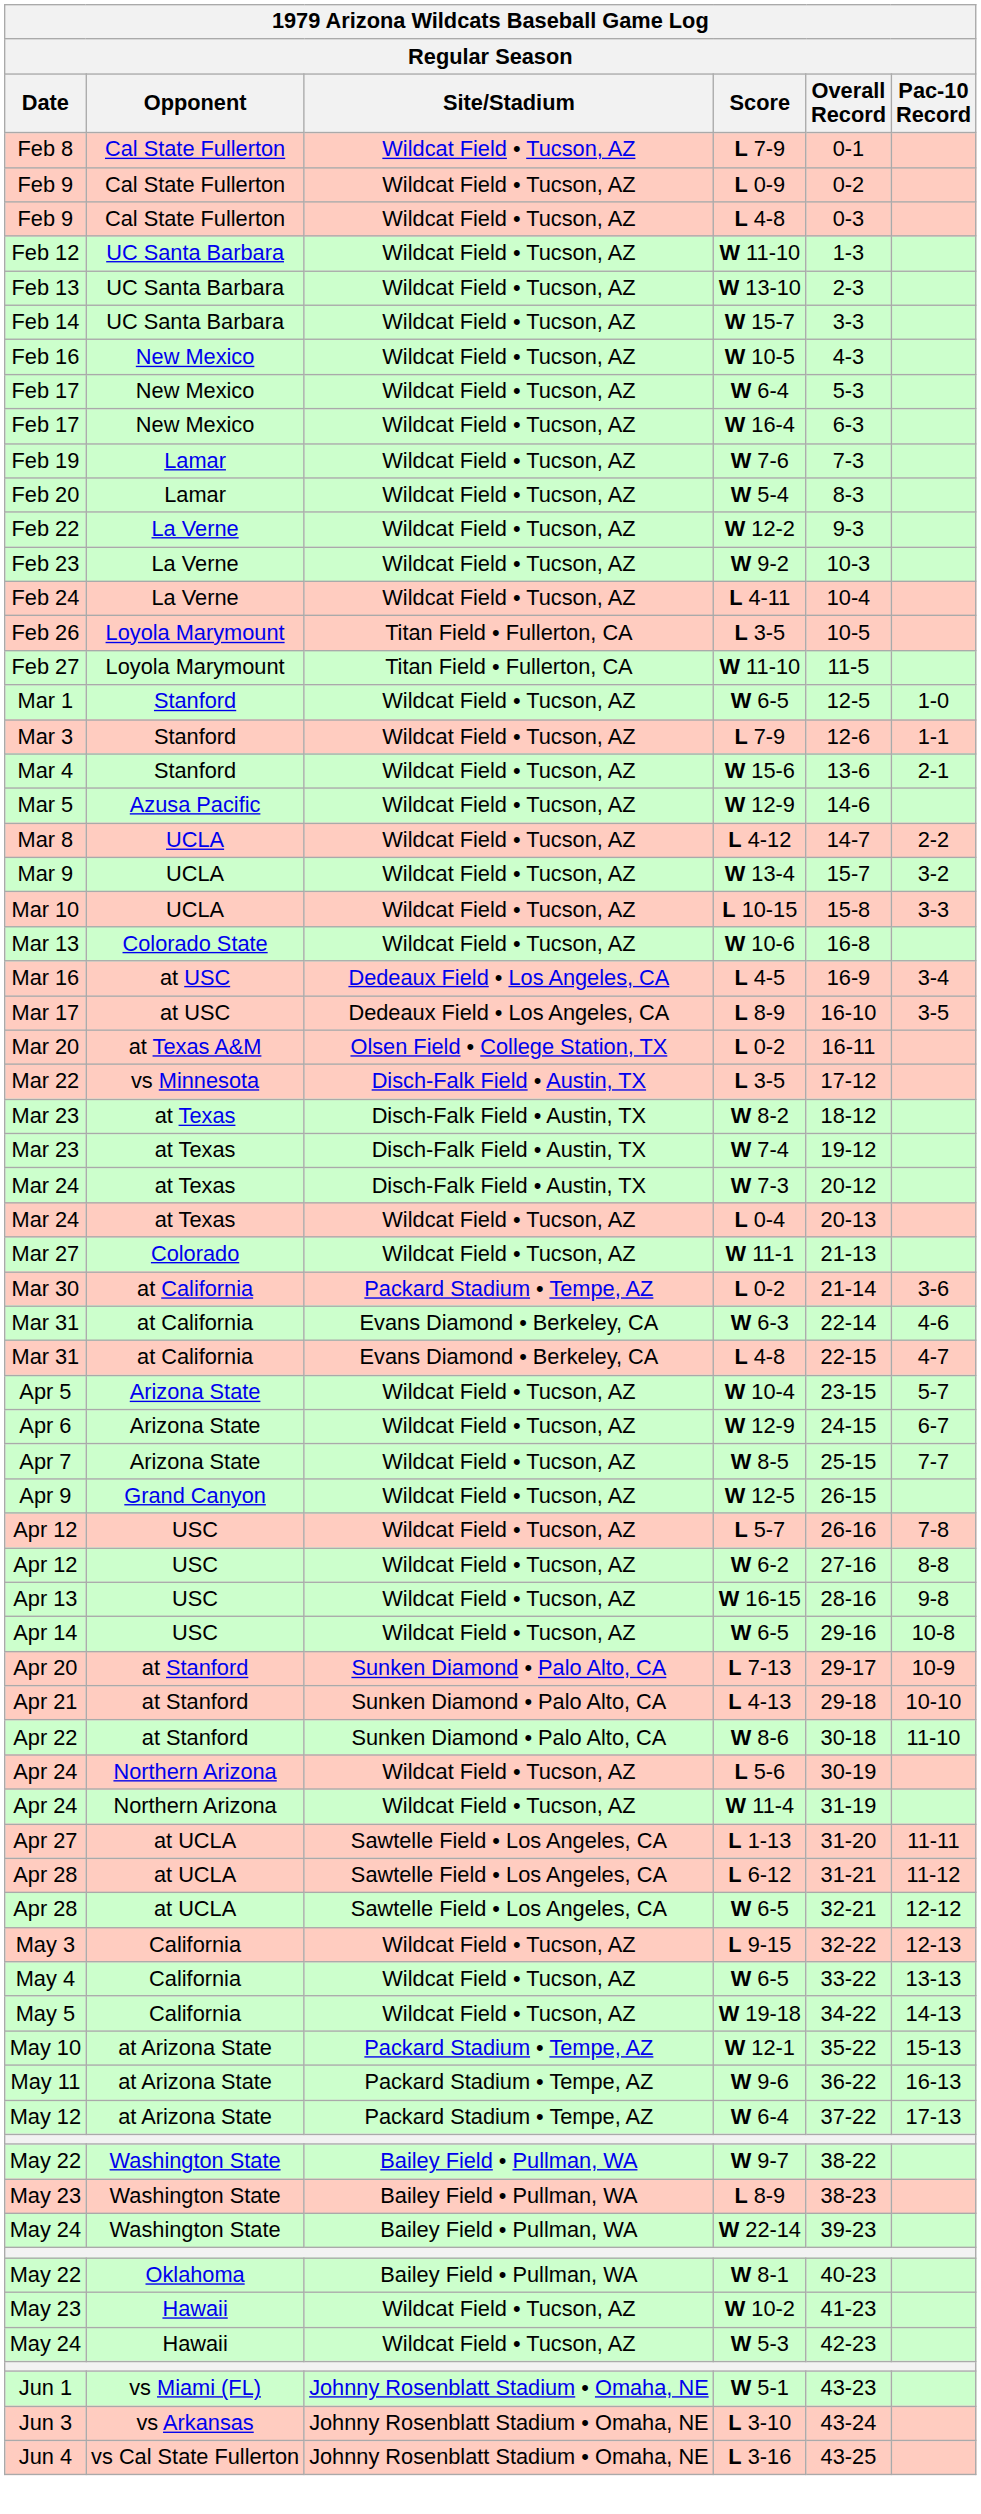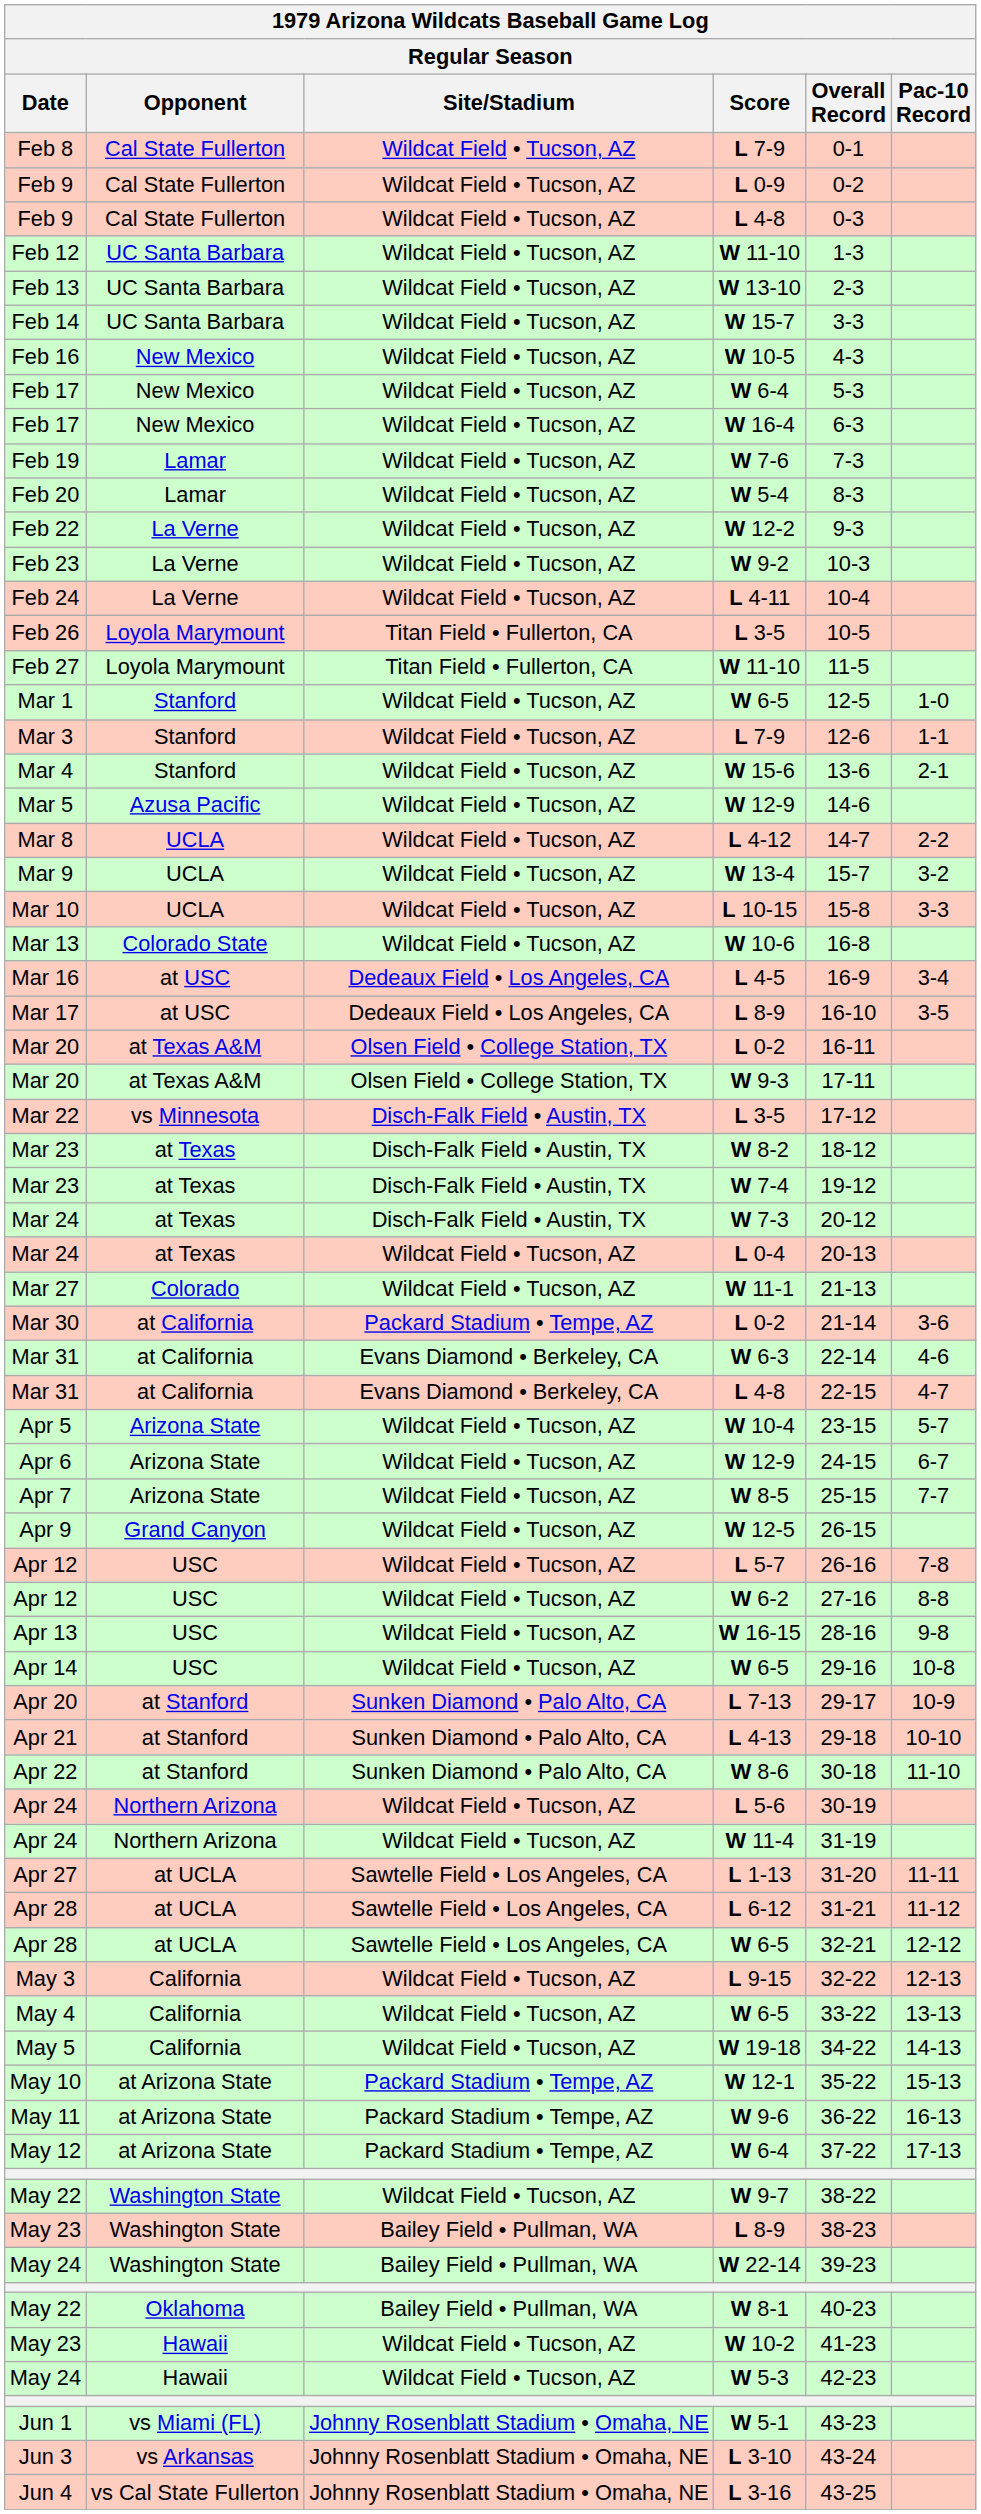 <table class="wikitable">
 <tr>
 <th colspan="6">1979 Arizona Wildcats Baseball Game Log</th>
 </tr>
 <tr>
 <th colspan="6">Regular Season</th>
 </tr>
 <tr>
 <th>Date</th>
 <th>Opponent</th>
 <th>Site/Stadium</th>
 <th>Score</th>
 <th>Overall<br>Record</th>
 <th>Pac-10<br>Record</th>
 </tr>
 <tr bgcolor="ffccc" align="center">
 <td>Feb 8</td>
 <td><a href='#'>Cal State Fullerton</a></td>
 <td><a href='#'>Wildcat Field</a> • <a href='#'>Tucson, AZ</a></td>
 <td><strong>L</strong> 7-9</td>
 <td>0-1</td>
 <td></td>
 </tr>
 <tr bgcolor="ffccc" align="center">
 <td>Feb 9</td>
 <td>Cal State Fullerton</td>
 <td>Wildcat Field • Tucson, AZ</td>
 <td><strong>L</strong> 0-9</td>
 <td>0-2</td>
 <td></td>
 </tr>
 <tr bgcolor="ffccc" align="center">
 <td>Feb 9</td>
 <td>Cal State Fullerton</td>
 <td>Wildcat Field • Tucson, AZ</td>
 <td><strong>L</strong> 4-8</td>
 <td>0-3</td>
 <td></td>
 </tr>
 <tr bgcolor="ccffcc" align="center">
 <td>Feb 12</td>
 <td><a href='#'>UC Santa Barbara</a></td>
 <td>Wildcat Field • Tucson, AZ</td>
 <td><strong>W</strong> 11-10</td>
 <td>1-3</td>
 <td></td>
 </tr>
 <tr bgcolor="ccffcc" align="center">
 <td>Feb 13</td>
 <td>UC Santa Barbara</td>
 <td>Wildcat Field • Tucson, AZ</td>
 <td><strong>W</strong> 13-10</td>
 <td>2-3</td>
 <td></td>
 </tr>
 <tr bgcolor="ccffcc" align="center">
 <td>Feb 14</td>
 <td>UC Santa Barbara</td>
 <td>Wildcat Field • Tucson, AZ</td>
 <td><strong>W</strong> 15-7</td>
 <td>3-3</td>
 <td></td>
 </tr>
 <tr bgcolor="ccffcc" align="center">
 <td>Feb 16</td>
 <td><a href='#'>New Mexico</a></td>
 <td>Wildcat Field • Tucson, AZ</td>
 <td><strong>W</strong> 10-5</td>
 <td>4-3</td>
 <td></td>
 </tr>
 <tr bgcolor="ccffcc" align="center">
 <td>Feb 17</td>
 <td>New Mexico</td>
 <td>Wildcat Field • Tucson, AZ</td>
 <td><strong>W</strong> 6-4</td>
 <td>5-3</td>
 <td></td>
 </tr>
 <tr bgcolor="ccffcc" align="center">
 <td>Feb 17</td>
 <td>New Mexico</td>
 <td>Wildcat Field • Tucson, AZ</td>
 <td><strong>W</strong> 16-4</td>
 <td>6-3</td>
 <td></td>
 </tr>
 <tr bgcolor="ccffcc" align="center">
 <td>Feb 19</td>
 <td><a href='#'>Lamar</a></td>
 <td>Wildcat Field • Tucson, AZ</td>
 <td><strong>W</strong> 7-6</td>
 <td>7-3</td>
 <td></td>
 </tr>
 <tr bgcolor="ccffcc" align="center">
 <td>Feb 20</td>
 <td>Lamar</td>
 <td>Wildcat Field • Tucson, AZ</td>
 <td><strong>W</strong> 5-4</td>
 <td>8-3</td>
 <td></td>
 </tr>
 <tr bgcolor="ccffcc" align="center">
 <td>Feb 22</td>
 <td><a href='#'>La Verne</a></td>
 <td>Wildcat Field • Tucson, AZ</td>
 <td><strong>W</strong> 12-2</td>
 <td>9-3</td>
 <td></td>
 </tr>
 <tr bgcolor="ccffcc" align="center">
 <td>Feb 23</td>
 <td>La Verne</td>
 <td>Wildcat Field • Tucson, AZ</td>
 <td><strong>W</strong> 9-2</td>
 <td>10-3</td>
 <td></td>
 </tr>
 <tr bgcolor="ffccc" align="center">
 <td>Feb 24</td>
 <td>La Verne</td>
 <td>Wildcat Field • Tucson, AZ</td>
 <td><strong>L</strong> 4-11</td>
 <td>10-4</td>
 <td></td>
 </tr>
 <tr bgcolor="ffccc" align="center">
 <td>Feb 26</td>
 <td><a href='#'>Loyola Marymount</a></td>
 <td>Titan Field • Fullerton, CA</td>
 <td><strong>L</strong> 3-5</td>
 <td>10-5</td>
 <td></td>
 </tr>
 <tr bgcolor="ccffcc" align="center">
 <td>Feb 27</td>
 <td>Loyola Marymount</td>
 <td>Titan Field • Fullerton, CA</td>
 <td><strong>W</strong> 11-10</td>
 <td>11-5</td>
 <td></td>
 </tr>
 <tr bgcolor="ccffcc" align="center">
 <td>Mar 1</td>
 <td><a href='#'>Stanford</a></td>
 <td>Wildcat Field • Tucson, AZ</td>
 <td><strong>W</strong> 6-5</td>
 <td>12-5</td>
 <td>1-0</td>
 </tr>
 <tr bgcolor="ffccc" align="center">
 <td>Mar 3</td>
 <td>Stanford</td>
 <td>Wildcat Field • Tucson, AZ</td>
 <td><strong>L</strong> 7-9</td>
 <td>12-6</td>
 <td>1-1</td>
 </tr>
 <tr bgcolor="ccffcc" align="center">
 <td>Mar 4</td>
 <td>Stanford</td>
 <td>Wildcat Field • Tucson, AZ</td>
 <td><strong>W</strong> 15-6</td>
 <td>13-6</td>
 <td>2-1</td>
 </tr>
 <tr bgcolor="ccffcc" align="center">
 <td>Mar 5</td>
 <td><a href='#'>Azusa Pacific</a></td>
 <td>Wildcat Field • Tucson, AZ</td>
 <td><strong>W</strong> 12-9</td>
 <td>14-6</td>
 <td></td>
 </tr>
 <tr bgcolor="ffccc" align="center">
 <td>Mar 8</td>
 <td><a href='#'>UCLA</a></td>
 <td>Wildcat Field • Tucson, AZ</td>
 <td><strong>L</strong> 4-12</td>
 <td>14-7</td>
 <td>2-2</td>
 </tr>
 <tr bgcolor="ccffcc" align="center">
 <td>Mar 9</td>
 <td>UCLA</td>
 <td>Wildcat Field • Tucson, AZ</td>
 <td><strong>W</strong> 13-4</td>
 <td>15-7</td>
 <td>3-2</td>
 </tr>
 <tr bgcolor="ffccc" align="center">
 <td>Mar 10</td>
 <td>UCLA</td>
 <td>Wildcat Field • Tucson, AZ</td>
 <td><strong>L</strong> 10-15</td>
 <td>15-8</td>
 <td>3-3</td>
 </tr>
 <tr bgcolor="ccffcc" align="center">
 <td>Mar 13</td>
 <td><a href='#'>Colorado State</a></td>
 <td>Wildcat Field • Tucson, AZ</td>
 <td><strong>W</strong> 10-6</td>
 <td>16-8</td>
 <td></td>
 </tr>
 <tr bgcolor="ffccc" align="center">
 <td>Mar 16</td>
 <td>at <a href='#'>USC</a></td>
 <td><a href='#'>Dedeaux Field</a> • <a href='#'>Los Angeles, CA</a></td>
 <td><strong>L</strong> 4-5</td>
 <td>16-9</td>
 <td>3-4</td>
 </tr>
 <tr bgcolor="ffccc" align="center">
 <td>Mar 17</td>
 <td>at USC</td>
 <td>Dedeaux Field • Los Angeles, CA</td>
 <td><strong>L</strong> 8-9</td>
 <td>16-10</td>
 <td>3-5</td>
 </tr>
 <tr bgcolor="ffccc" align="center">
 <td>Mar 20</td>
 <td>at <a href='#'>Texas A&M</a></td>
 <td><a href='#'>Olsen Field</a> • <a href='#'>College Station, TX</a></td>
 <td><strong>L</strong> 0-2</td>
 <td>16-11</td>
+<td></td>
+</tr>
+<tr bgcolor="ccffcc" align="center">
+<td>Mar 20</td>
+<td>at Texas A&M</td>
+<td>Olsen Field • College Station, TX</td>
+<td><strong>W</strong> 9-3</td>
+<td>17-11</td>
 <td></td>
 </tr>
 <tr bgcolor="ffccc" align="center">
 <td>Mar 22</td>
 <td>vs <a href='#'>Minnesota</a></td>
 <td><a href='#'>Disch-Falk Field</a> • <a href='#'>Austin, TX</a></td>
 <td><strong>L</strong> 3-5</td>
 <td>17-12</td>
 <td></td>
 </tr>
 <tr bgcolor="ccffcc" align="center">
 <td>Mar 23</td>
 <td>at <a href='#'>Texas</a></td>
 <td>Disch-Falk Field • Austin, TX</td>
 <td><strong>W</strong> 8-2</td>
 <td>18-12</td>
 <td></td>
 </tr>
 <tr bgcolor="ccffcc" align="center">
 <td>Mar 23</td>
 <td>at Texas</td>
 <td>Disch-Falk Field • Austin, TX</td>
 <td><strong>W</strong> 7-4</td>
 <td>19-12</td>
 <td></td>
 </tr>
 <tr bgcolor="ccffcc" align="center">
 <td>Mar 24</td>
 <td>at Texas</td>
 <td>Disch-Falk Field • Austin, TX</td>
 <td><strong>W</strong> 7-3</td>
 <td>20-12</td>
 <td></td>
 </tr>
 <tr bgcolor="ffccc" align="center">
 <td>Mar 24</td>
 <td>at Texas</td>
 <td>Wildcat Field • Tucson, AZ</td>
 <td><strong>L</strong> 0-4</td>
 <td>20-13</td>
 <td></td>
 </tr>
 <tr bgcolor="ccffcc" align="center">
 <td>Mar 27</td>
 <td><a href='#'>Colorado</a></td>
 <td>Wildcat Field • Tucson, AZ</td>
 <td><strong>W</strong> 11-1</td>
 <td>21-13</td>
 <td></td>
 </tr>
 <tr bgcolor="ffccc" align="center">
 <td>Mar 30</td>
 <td>at <a href='#'>California</a></td>
 <td><a href='#'>Packard Stadium</a> • <a href='#'>Tempe, AZ</a></td>
 <td><strong>L</strong> 0-2</td>
 <td>21-14</td>
 <td>3-6</td>
 </tr>
 <tr bgcolor="ccffcc" align="center">
 <td>Mar 31</td>
 <td>at California</td>
 <td>Evans Diamond • Berkeley, CA</td>
 <td><strong>W</strong> 6-3</td>
 <td>22-14</td>
 <td>4-6</td>
 </tr>
 <tr bgcolor="ffccc" align="center">
 <td>Mar 31</td>
 <td>at California</td>
 <td>Evans Diamond • Berkeley, CA</td>
 <td><strong>L</strong> 4-8</td>
 <td>22-15</td>
 <td>4-7</td>
 </tr>
 <tr bgcolor="ccffcc" align="center">
 <td>Apr 5</td>
 <td><a href='#'>Arizona State</a></td>
 <td>Wildcat Field • Tucson, AZ</td>
 <td><strong>W</strong> 10-4</td>
 <td>23-15</td>
 <td>5-7</td>
 </tr>
 <tr bgcolor="ccffcc" align="center">
 <td>Apr 6</td>
 <td>Arizona State</td>
 <td>Wildcat Field • Tucson, AZ</td>
 <td><strong>W</strong> 12-9</td>
 <td>24-15</td>
 <td>6-7</td>
 </tr>
 <tr bgcolor="ccffcc" align="center">
 <td>Apr 7</td>
 <td>Arizona State</td>
 <td>Wildcat Field • Tucson, AZ</td>
 <td><strong>W</strong> 8-5</td>
 <td>25-15</td>
 <td>7-7</td>
 </tr>
 <tr bgcolor="ccffcc" align="center">
 <td>Apr 9</td>
 <td><a href='#'>Grand Canyon</a></td>
 <td>Wildcat Field • Tucson, AZ</td>
 <td><strong>W</strong> 12-5</td>
 <td>26-15</td>
 <td></td>
 </tr>
 <tr bgcolor="ffccc" align="center">
 <td>Apr 12</td>
 <td>USC</td>
 <td>Wildcat Field • Tucson, AZ</td>
 <td><strong>L</strong> 5-7</td>
 <td>26-16</td>
 <td>7-8</td>
 </tr>
 <tr bgcolor="ccffcc" align="center">
 <td>Apr 12</td>
 <td>USC</td>
 <td>Wildcat Field • Tucson, AZ</td>
 <td><strong>W</strong> 6-2</td>
 <td>27-16</td>
 <td>8-8</td>
 </tr>
 <tr bgcolor="ccffcc" align="center">
 <td>Apr 13</td>
 <td>USC</td>
 <td>Wildcat Field • Tucson, AZ</td>
 <td><strong>W</strong> 16-15</td>
 <td>28-16</td>
 <td>9-8</td>
 </tr>
 <tr bgcolor="ccffcc" align="center">
 <td>Apr 14</td>
 <td>USC</td>
 <td>Wildcat Field • Tucson, AZ</td>
 <td><strong>W</strong> 6-5</td>
 <td>29-16</td>
 <td>10-8</td>
 </tr>
 <tr bgcolor="ffccc" align="center">
 <td>Apr 20</td>
 <td>at <a href='#'>Stanford</a></td>
 <td><a href='#'>Sunken Diamond</a> • <a href='#'>Palo Alto, CA</a></td>
 <td><strong>L</strong> 7-13</td>
 <td>29-17</td>
 <td>10-9</td>
 </tr>
 <tr bgcolor="ffccc" align="center">
 <td>Apr 21</td>
 <td>at Stanford</td>
 <td>Sunken Diamond • Palo Alto, CA</td>
 <td><strong>L</strong> 4-13</td>
 <td>29-18</td>
 <td>10-10</td>
 </tr>
 <tr bgcolor="ccffcc" align="center">
 <td>Apr 22</td>
 <td>at Stanford</td>
 <td>Sunken Diamond • Palo Alto, CA</td>
 <td><strong>W</strong> 8-6</td>
 <td>30-18</td>
 <td>11-10</td>
 </tr>
 <tr bgcolor="ffccc" align="center">
 <td>Apr 24</td>
 <td><a href='#'>Northern Arizona</a></td>
 <td>Wildcat Field • Tucson, AZ</td>
 <td><strong>L</strong> 5-6</td>
 <td>30-19</td>
 <td></td>
 </tr>
 <tr bgcolor="ccffcc" align="center">
 <td>Apr 24</td>
 <td>Northern Arizona</td>
 <td>Wildcat Field • Tucson, AZ</td>
 <td><strong>W</strong> 11-4</td>
 <td>31-19</td>
 <td></td>
 </tr>
 <tr bgcolor="ffccc" align="center">
 <td>Apr 27</td>
 <td>at UCLA</td>
 <td>Sawtelle Field • Los Angeles, CA</td>
 <td><strong>L</strong> 1-13</td>
 <td>31-20</td>
 <td>11-11</td>
 </tr>
 <tr bgcolor="ffccc" align="center">
 <td>Apr 28</td>
 <td>at UCLA</td>
 <td>Sawtelle Field • Los Angeles, CA</td>
 <td><strong>L</strong> 6-12</td>
 <td>31-21</td>
 <td>11-12</td>
 </tr>
 <tr bgcolor="ccffcc" align="center">
 <td>Apr 28</td>
 <td>at UCLA</td>
 <td>Sawtelle Field • Los Angeles, CA</td>
 <td><strong>W</strong> 6-5</td>
 <td>32-21</td>
 <td>12-12</td>
 </tr>
 <tr bgcolor="ffccc" align="center">
 <td>May 3</td>
 <td>California</td>
 <td>Wildcat Field • Tucson, AZ</td>
 <td><strong>L</strong> 9-15</td>
 <td>32-22</td>
 <td>12-13</td>
 </tr>
 <tr bgcolor="ccffcc" align="center">
 <td>May 4</td>
 <td>California</td>
 <td>Wildcat Field • Tucson, AZ</td>
 <td><strong>W</strong> 6-5</td>
 <td>33-22</td>
 <td>13-13</td>
 </tr>
 <tr bgcolor="ccffcc" align="center">
 <td>May 5</td>
 <td>California</td>
 <td>Wildcat Field • Tucson, AZ</td>
 <td><strong>W</strong> 19-18</td>
 <td>34-22</td>
 <td>14-13</td>
 </tr>
 <tr bgcolor="ccffcc" align="center">
 <td>May 10</td>
 <td>at Arizona State</td>
 <td><a href='#'>Packard Stadium</a> • <a href='#'>Tempe, AZ</a></td>
 <td><strong>W</strong> 12-1</td>
 <td>35-22</td>
 <td>15-13</td>
 </tr>
 <tr bgcolor="ccffcc" align="center">
 <td>May 11</td>
 <td>at Arizona State</td>
 <td>Packard Stadium • Tempe, AZ</td>
 <td><strong>W</strong> 9-6</td>
 <td>36-22</td>
 <td>16-13</td>
 </tr>
 <tr bgcolor="ccffcc" align="center">
 <td>May 12</td>
 <td>at Arizona State</td>
 <td>Packard Stadium • Tempe, AZ</td>
 <td><strong>W</strong> 6-4</td>
 <td>37-22</td>
 <td>17-13</td>
 </tr>
 <tr>
 <th colspan="6"></th>
 </tr>
 <tr bgcolor="ccffcc" align="center">
 <td>May 22</td>
 <td><a href='#'>Washington State</a></td>
-<td><a href='#'>Bailey Field</a> • <a href='#'>Pullman, WA</a></td>
+<td>Wildcat Field • Tucson, AZ</td>
 <td><strong>W</strong> 9-7</td>
 <td>38-22</td>
 <td></td>
 </tr>
 <tr bgcolor="ffccc" align="center">
 <td>May 23</td>
 <td>Washington State</td>
 <td>Bailey Field • Pullman, WA</td>
 <td><strong>L</strong> 8-9</td>
 <td>38-23</td>
 <td></td>
 </tr>
 <tr bgcolor="ccffcc" align="center">
 <td>May 24</td>
 <td>Washington State</td>
 <td>Bailey Field • Pullman, WA</td>
 <td><strong>W</strong> 22-14</td>
 <td>39-23</td>
 <td></td>
 </tr>
 <tr>
 <th colspan="6"><a href='#'></a></th>
 </tr>
 <tr bgcolor="ccffcc" align="center">
 <td>May 22</td>
 <td><a href='#'>Oklahoma</a></td>
 <td>Bailey Field • Pullman, WA</td>
 <td><strong>W</strong> 8-1</td>
 <td>40-23</td>
 <td></td>
 </tr>
 <tr bgcolor="ccffcc" align="center">
 <td>May 23</td>
 <td><a href='#'>Hawaii</a></td>
 <td>Wildcat Field • Tucson, AZ</td>
 <td><strong>W</strong> 10-2</td>
 <td>41-23</td>
 <td></td>
 </tr>
 <tr bgcolor="ccffcc" align="center">
 <td>May 24</td>
 <td>Hawaii</td>
 <td>Wildcat Field • Tucson, AZ</td>
 <td><strong>W</strong> 5-3</td>
 <td>42-23</td>
 <td></td>
 </tr>
 <tr>
 <th colspan="6"><a href='#'></a></th>
 </tr>
 <tr bgcolor="ccffcc" align="center">
 <td>Jun 1</td>
 <td>vs <a href='#'>Miami (FL)</a></td>
 <td><a href='#'>Johnny Rosenblatt Stadium</a> • <a href='#'>Omaha, NE</a></td>
 <td><strong>W</strong> 5-1</td>
 <td>43-23</td>
 <td></td>
 </tr>
 <tr bgcolor="ffccc" align="center">
 <td>Jun 3</td>
 <td>vs <a href='#'>Arkansas</a></td>
 <td>Johnny Rosenblatt Stadium • Omaha, NE</td>
 <td><strong>L</strong> 3-10</td>
 <td>43-24</td>
 <td></td>
 </tr>
 <tr bgcolor="ffccc" align="center">
 <td>Jun 4</td>
 <td>vs Cal State Fullerton</td>
 <td>Johnny Rosenblatt Stadium • Omaha, NE</td>
 <td><strong>L</strong> 3-16</td>
 <td>43-25</td>
 <td></td>
 </tr>
 </table>
